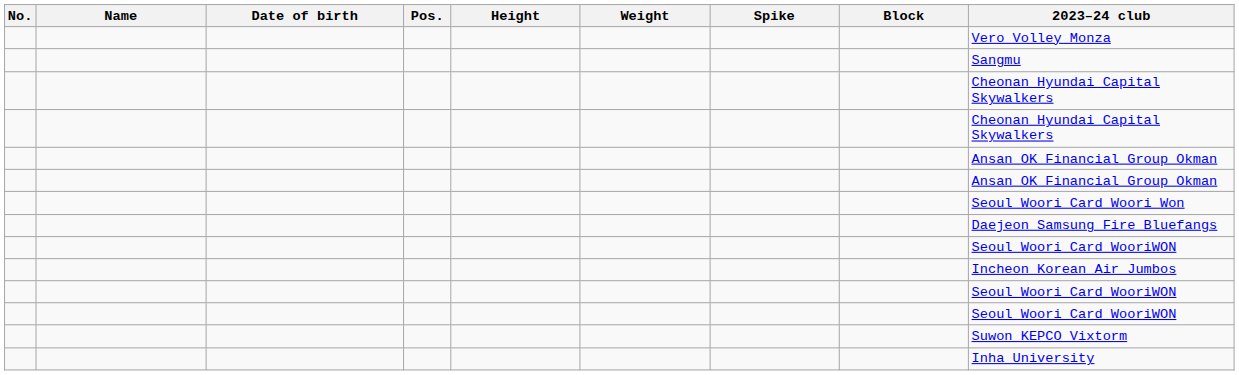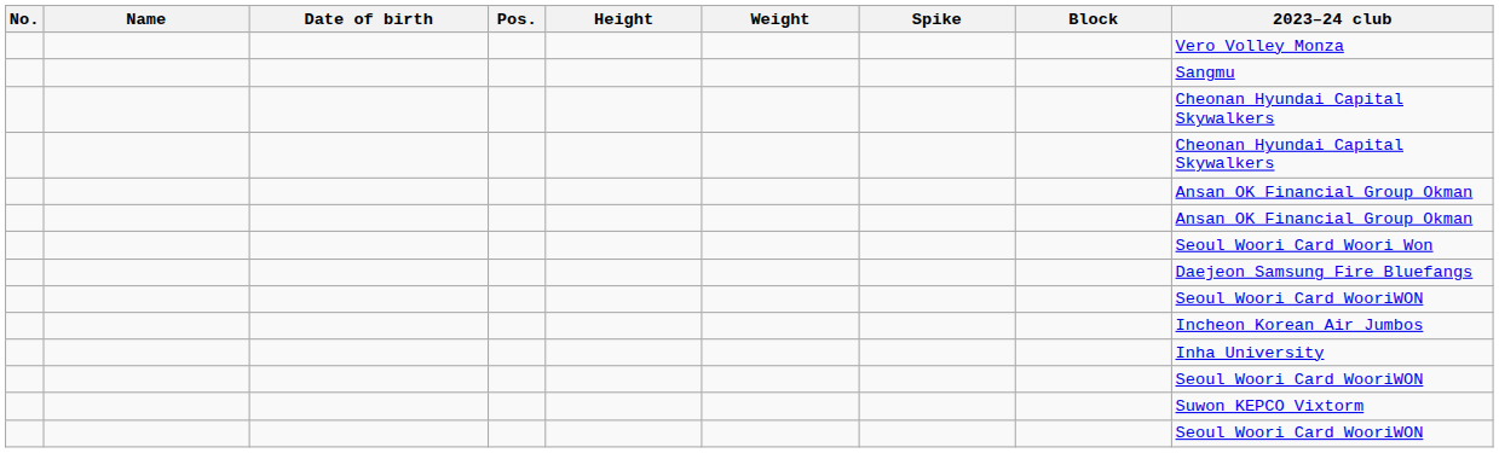 <table class="wikitable sortable" style="font-size:100%; text-align:center;">
 <tr>
 <th>No.</th>
 <th style="width:12em">Name</th>
 <th style="width:14em">Date of birth</th>
 <th style="width:3em">Pos.</th>
 <th style="width:9em">Height</th>
 <th style="width:9em">Weight</th>
 <th style="width:9em">Spike</th>
 <th style="width:9em">Block</th>
 <th style="width:19em">2023–24 club</th>
 </tr>
 <tr>
 <td></td>
 <td style="text-align:left;"></td>
 <td style="text-align:right;"></td>
 <td></td>
 <td></td>
 <td></td>
 <td></td>
 <td></td>
 <td style="text-align:left;"> <a href='#'>Vero Volley Monza</a></td>
 </tr>
 <tr>
 <td></td>
 <td style="text-align:left;"></td>
 <td style="text-align:right;"></td>
 <td></td>
 <td></td>
 <td></td>
 <td></td>
 <td></td>
 <td style="text-align:left;"> <a href='#'>Sangmu</a></td>
 </tr>
 <tr>
 <td></td>
 <td style="text-align:left;"></td>
 <td style="text-align:right;"></td>
 <td></td>
 <td></td>
 <td></td>
 <td></td>
 <td></td>
 <td style="text-align:left;"> <a href='#'>Cheonan Hyundai Capital Skywalkers</a></td>
 </tr>
 <tr>
 <td></td>
 <td style="text-align:left;"></td>
 <td style="text-align:right;"></td>
 <td></td>
 <td></td>
 <td></td>
 <td></td>
 <td></td>
 <td style="text-align:left;"> <a href='#'>Cheonan Hyundai Capital Skywalkers</a></td>
 </tr>
 <tr>
 <td></td>
 <td style="text-align:left;"></td>
 <td style="text-align:right;"></td>
 <td></td>
 <td></td>
 <td></td>
 <td></td>
 <td></td>
 <td style="text-align:left;"> <a href='#'>Ansan OK Financial Group Okman</a></td>
 </tr>
 <tr>
 <td></td>
 <td style="text-align:left;"></td>
 <td style="text-align:right;"></td>
 <td></td>
 <td></td>
 <td></td>
 <td></td>
 <td></td>
 <td style="text-align:left;"> <a href='#'>Ansan OK Financial Group Okman</a></td>
 </tr>
 <tr>
 <td></td>
 <td style="text-align:left;"></td>
 <td style="text-align:right;"></td>
 <td></td>
 <td></td>
 <td></td>
 <td></td>
 <td></td>
 <td style="text-align:left;"> <a href='#'>Seoul Woori Card Woori Won</a></td>
 </tr>
 <tr>
 <td></td>
 <td style="text-align:left;"></td>
 <td style="text-align:right;"></td>
 <td></td>
 <td></td>
 <td></td>
 <td></td>
 <td></td>
 <td style="text-align:left;"> <a href='#'>Daejeon Samsung Fire Bluefangs</a></td>
 </tr>
 <tr>
 <td></td>
 <td style="text-align:left;"></td>
 <td style="text-align:right;"></td>
 <td></td>
 <td></td>
 <td></td>
 <td></td>
 <td></td>
 <td style="text-align:left;"> <a href='#'>Seoul Woori Card WooriWON</a></td>
 </tr>
 <tr>
 <td></td>
 <td style="text-align:left;"></td>
 <td style="text-align:right;"></td>
 <td></td>
 <td></td>
 <td></td>
 <td></td>
 <td></td>
 <td style="text-align:left;"> <a href='#'>Incheon Korean Air Jumbos</a></td>
 </tr>
 <tr>
 <td></td>
 <td style="text-align:left;"></td>
 <td style="text-align:right;"></td>
 <td></td>
 <td></td>
 <td></td>
 <td></td>
 <td></td>
-<td style="text-align:left;"> <a href='#'>Seoul Woori Card WooriWON</a></td>
+<td style="text-align:left;"> <a href='#'>Inha University</a></td>
 </tr>
 <tr>
 <td></td>
 <td style="text-align:left;"></td>
 <td style="text-align:right;"></td>
 <td></td>
 <td></td>
 <td></td>
 <td></td>
 <td></td>
 <td style="text-align:left;"> <a href='#'>Seoul Woori Card WooriWON</a></td>
 </tr>
 <tr>
 <td></td>
 <td style="text-align:left;"></td>
 <td style="text-align:right;"></td>
 <td></td>
 <td></td>
 <td></td>
 <td></td>
 <td></td>
 <td style="text-align:left;"> <a href='#'>Suwon KEPCO Vixtorm</a></td>
 </tr>
 <tr>
 <td></td>
 <td style="text-align:left;"></td>
 <td style="text-align:right;"></td>
 <td></td>
 <td></td>
 <td></td>
 <td></td>
 <td></td>
-<td style="text-align:left;"> <a href='#'>Inha University</a></td>
+<td style="text-align:left;"> <a href='#'>Seoul Woori Card WooriWON</a></td>
 </tr>
 </table>
